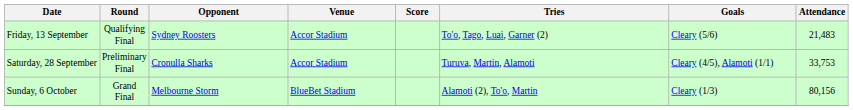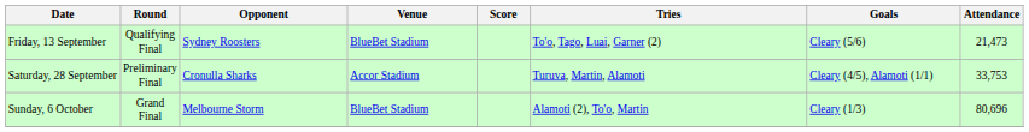 <table class="wikitable" style="font-size:75%;">
 <tr>
 <th style="width:115px;">Date</th>
 <th style="width:50px;">Round</th>
 <th style="width:170px;">Opponent</th>
 <th style="width:130px;">Venue</th>
 <th style="width:50px;">Score</th>
 <th style="width:285px;">Tries</th>
 <th style="width:155px;">Goals</th>
 <th style="width:60px;">Attendance</th>
 </tr>
 <tr style="background:#CCFFCC">
 <td>Friday, 13 September</td>
 <td style="text-align:center;">Qualifying Final</td>
 <td> <a href='#'>Sydney Roosters</a></td>
-<td><a href='#'>Accor Stadium</a></td>
+<td><a href='#'>BlueBet Stadium</a></td>
 <td style="text-align:center;"></td>
 <td><a href='#'>To'o</a>, <a href='#'>Tago</a>, <a href='#'>Luai</a>, <a href='#'>Garner</a> (2)</td>
 <td><a href='#'>Cleary</a> (5/6)</td>
-<td style="text-align:center;">21,483</td>
+<td style="text-align:center;">21,473</td>
 </tr>
 <tr style="background:#CCFFCC">
 <td>Saturday, 28 September</td>
 <td style="text-align:center;">Preliminary Final</td>
 <td> <a href='#'>Cronulla Sharks</a></td>
 <td><a href='#'>Accor Stadium</a></td>
 <td style="text-align:center;"></td>
 <td><a href='#'>Turuva</a>, <a href='#'>Martin</a>, <a href='#'>Alamoti</a></td>
 <td><a href='#'>Cleary</a> (4/5), <a href='#'>Alamoti</a> (1/1)</td>
 <td style="text-align:center;">33,753</td>
 </tr>
 <tr style="background:#CCFFCC">
 <td>Sunday, 6 October</td>
 <td style="text-align:center;">Grand Final</td>
 <td> <a href='#'>Melbourne Storm</a></td>
 <td><a href='#'>BlueBet Stadium</a></td>
 <td style="text-align:center;"></td>
 <td><a href='#'>Alamoti</a> (2), <a href='#'>To'o</a>, <a href='#'>Martin</a></td>
 <td><a href='#'>Cleary</a> (1/3)</td>
-<td style="text-align:center;">80,156</td>
+<td style="text-align:center;">80,696</td>
 </tr>
 <tr>
 </tr>
 </table>
